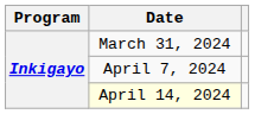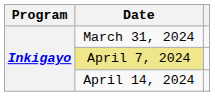 <table class="wikitable plainrowheaders sortable" style="text-align:center">
 <tr>
 <th scope="col">Program</th>
 <th scope="col" width="120">Date</th>
 <th scope="col" class="unsortable"></th>
 </tr>
 <tr>
 <th scope="row" rowspan="3"><em><a href='#'>Inkigayo</a></em></th>
 <td>March 31, 2024</td>
 <td></td>
 </tr>
 <tr>
-<td>April 7, 2024</td>
+<td style="background: khaki;">April 7, 2024</td>
 <td></td>
 </tr>
 <tr>
-<td style="background: lightyellow;">April 14, 2024</td>
+<td>April 14, 2024</td>
 <td></td>
 </tr>
 </table>
